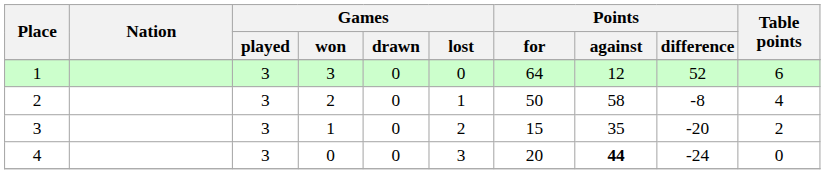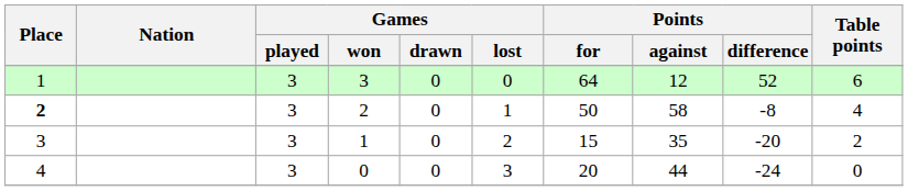 <table class="wikitable">
 <tr>
 <th rowspan=2 width="8%">Place</th>
 <th rowspan=2 width="20%">Nation</th>
 <th colspan=4 width="32%">Games</th>
 <th colspan=3 width="30%">Points</th>
 <th rowspan=2 width="10%">Table<br>points</th>
 </tr>
 <tr>
 <th width="8%">played</th>
 <th width="8%">won</th>
 <th width="8%">drawn</th>
 <th width="8%">lost</th>
 <th width="10%">for</th>
 <th width="10%">against</th>
 <th width="10%">difference</th>
 </tr>
 <tr>
 </tr>
 <tr bgcolor=#ccffcc align=center>
 <td>1</td>
 <td align=left><strong></strong></td>
 <td>3</td>
 <td>3</td>
 <td>0</td>
 <td>0</td>
 <td>64</td>
 <td>12</td>
 <td>52</td>
 <td>6</td>
 </tr>
 <tr bgcolor=#ffffff align=center>
-<td>2</td>
+<td><strong>2</strong></td>
 <td align=left></td>
 <td>3</td>
 <td>2</td>
 <td>0</td>
 <td>1</td>
 <td>50</td>
 <td>58</td>
 <td>-8</td>
 <td>4</td>
 </tr>
 <tr bgcolor=#ffffff align=center>
 <td>3</td>
 <td align=left></td>
 <td>3</td>
 <td>1</td>
 <td>0</td>
 <td>2</td>
 <td>15</td>
 <td>35</td>
 <td>-20</td>
 <td>2</td>
 </tr>
 <tr bgcolor=#ffffff align=center>
 <td>4</td>
 <td align=left></td>
 <td>3</td>
 <td>0</td>
 <td>0</td>
 <td>3</td>
 <td>20</td>
-<td><strong>44</strong></td>
+<td>44</td>
 <td>-24</td>
 <td>0</td>
 </tr>
 <tr bgcolor=#ffcccc align=center>
 </tr>
 </table>
